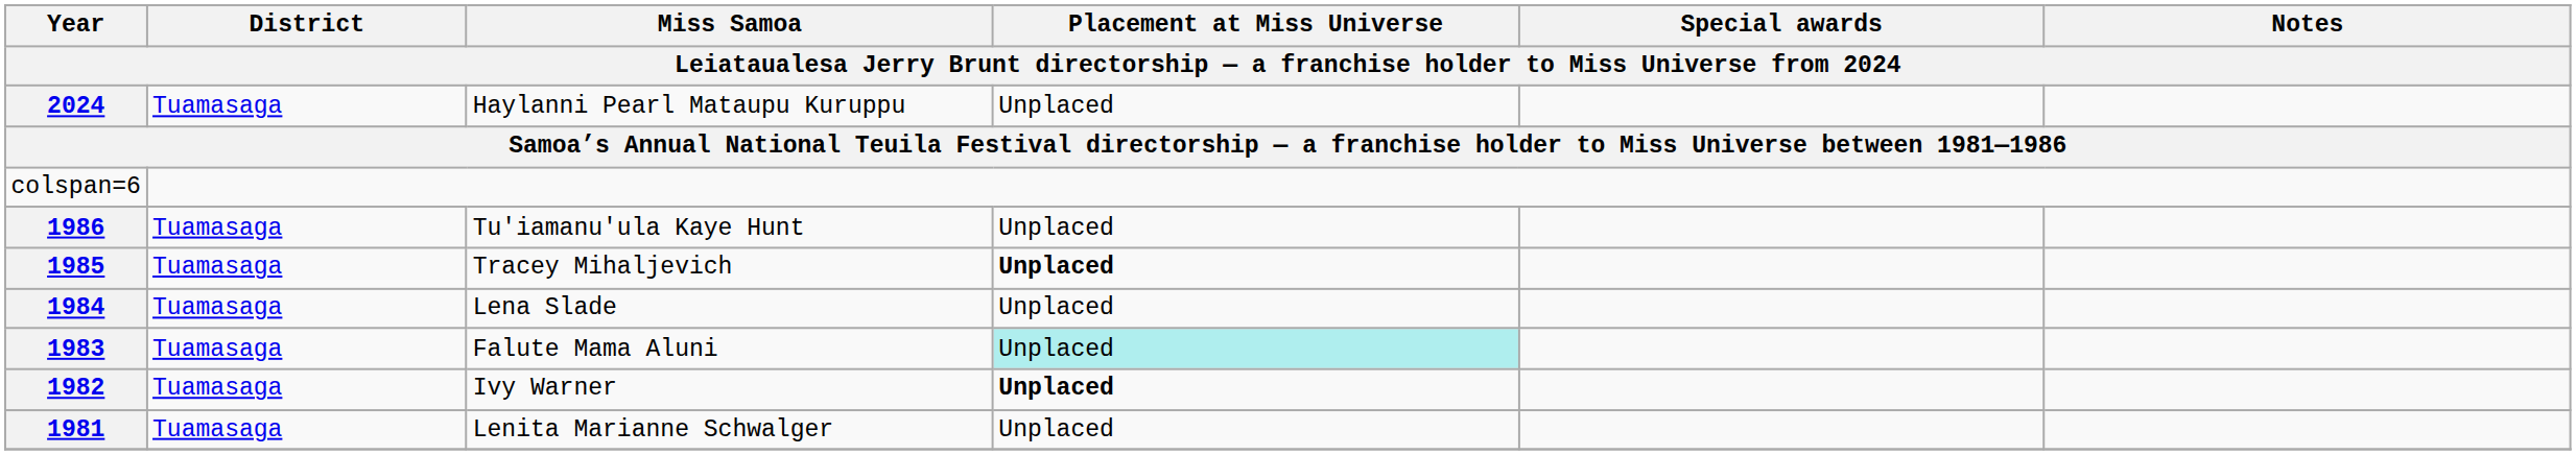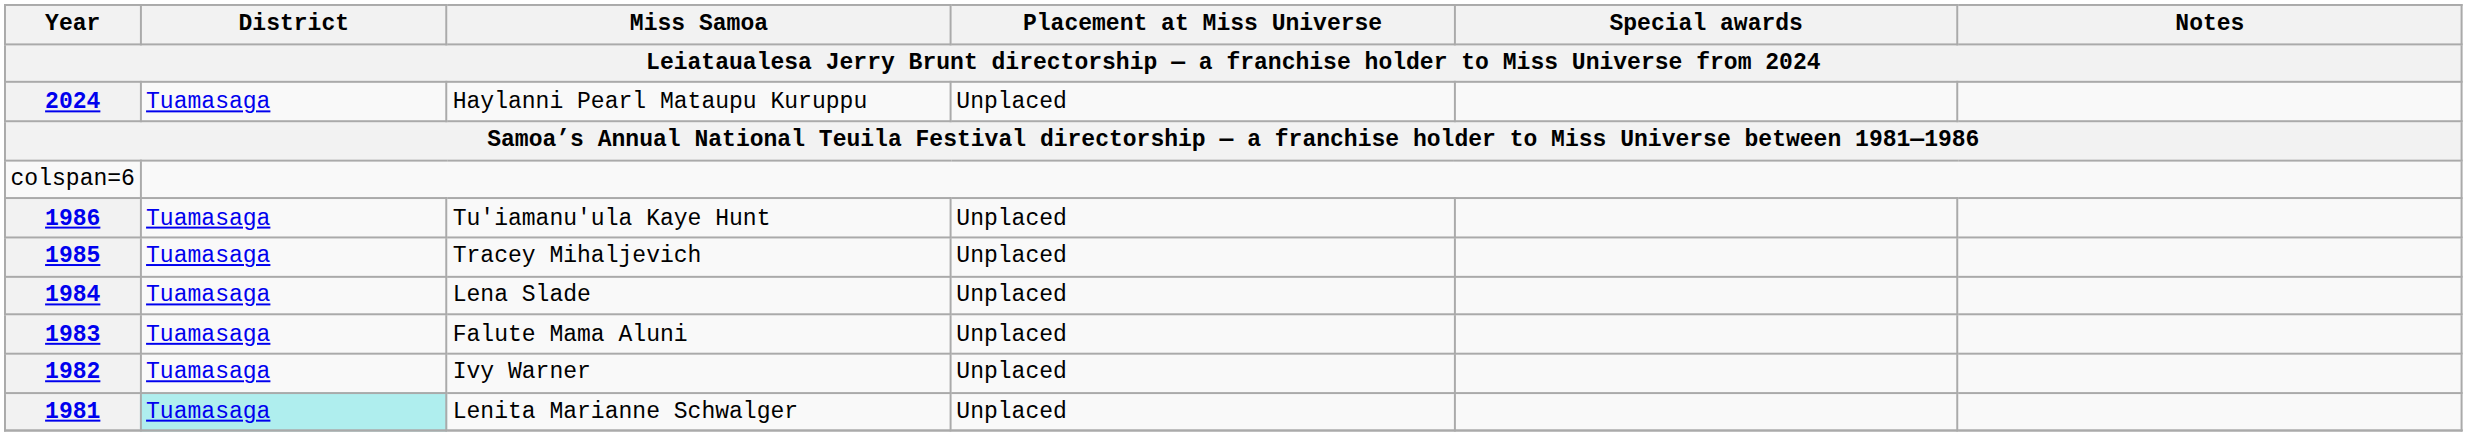 <table class="wikitable " style="font-size: 90%;">
 <tr>
 <th width="60">Year</th>
 <th width="150">District</th>
 <th width="250">Miss Samoa</th>
 <th width="250">Placement at Miss Universe</th>
 <th width="250">Special awards</th>
 <th width="250">Notes</th>
 </tr>
 <tr>
 <th colspan="6">Leiataualesa Jerry Brunt directorship — a franchise holder to Miss Universe from 2024</th>
 </tr>
 <tr>
 <th><a href='#'>2024</a></th>
 <td><a href='#'>Tuamasaga</a></td>
 <td>Haylanni Pearl Mataupu Kuruppu </td>
 <td>Unplaced</td>
 <td></td>
 <td></td>
 </tr>
 <tr>
 <th colspan="6">Samoa’s Annual National Teuila Festival directorship — a franchise holder to Miss Universe between 1981—1986</th>
 </tr>
 <tr>
 <td>colspan=6 </td>
 </tr>
 <tr>
 <th><a href='#'>1986</a></th>
 <td><a href='#'>Tuamasaga</a></td>
 <td>Tu'iamanu'ula Kaye Hunt</td>
 <td>Unplaced</td>
 <td></td>
 <td></td>
 </tr>
 <tr>
 <th><a href='#'>1985</a></th>
 <td><a href='#'>Tuamasaga</a></td>
 <td>Tracey Mihaljevich</td>
-<td><strong>Unplaced</strong></td>
+<td>Unplaced</td>
 <td></td>
 <td></td>
 </tr>
 <tr>
 <th><a href='#'>1984</a></th>
 <td><a href='#'>Tuamasaga</a></td>
 <td>Lena Slade</td>
 <td>Unplaced</td>
 <td></td>
 <td></td>
 </tr>
 <tr>
 <th><a href='#'>1983</a></th>
 <td><a href='#'>Tuamasaga</a></td>
 <td>Falute Mama Aluni</td>
-<td style="background: paleturquoise;">Unplaced</td>
+<td>Unplaced</td>
 <td></td>
 <td></td>
 </tr>
 <tr>
 <th><a href='#'>1982</a></th>
 <td><a href='#'>Tuamasaga</a></td>
 <td>Ivy Warner</td>
-<td><strong>Unplaced</strong></td>
+<td>Unplaced</td>
 <td></td>
 <td></td>
 </tr>
 <tr>
 <th><a href='#'>1981</a></th>
-<td><a href='#'>Tuamasaga</a></td>
+<td style="background: paleturquoise;"><a href='#'>Tuamasaga</a></td>
 <td>Lenita Marianne Schwalger</td>
 <td>Unplaced</td>
 <td></td>
 <td></td>
 </tr>
 <tr>
 </tr>
 </table>
